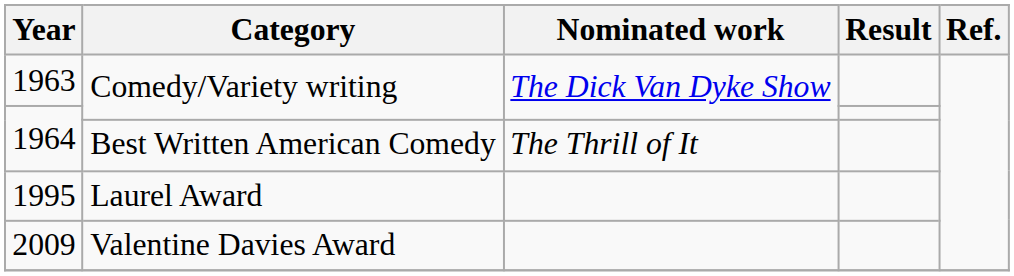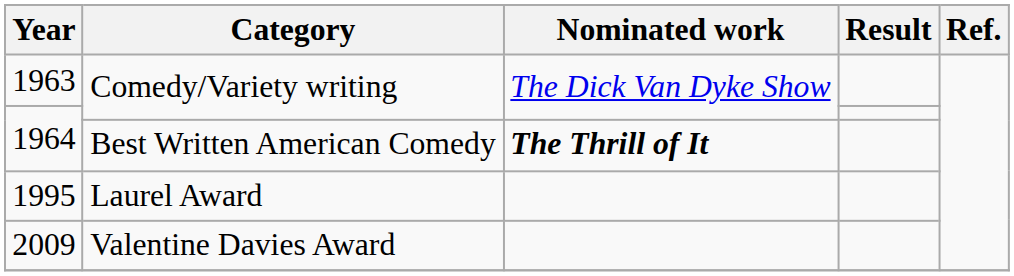 <table class="wikitable">
 <tr>
 <th>Year</th>
 <th>Category</th>
 <th>Nominated work</th>
 <th>Result</th>
 <th>Ref.</th>
 </tr>
 <tr>
 <td>1963</td>
 <td rowspan=2>Comedy/Variety writing</td>
 <td rowspan=2><em><a href='#'>The Dick Van Dyke Show</a></em></td>
 <td></td>
 <td rowspan=5></td>
 </tr>
 <tr>
 <td rowspan=2>1964</td>
 <td></td>
 </tr>
 <tr>
 <td>Best Written American Comedy</td>
-<td><em>The Thrill of It</em></td>
+<td><strong><em>The Thrill of It</em></strong></td>
 <td></td>
 </tr>
 <tr>
 <td>1995</td>
 <td>Laurel Award</td>
 <td></td>
 <td></td>
 </tr>
 <tr>
 <td>2009</td>
 <td>Valentine Davies Award</td>
 <td></td>
 <td></td>
 </tr>
 <tr>
 </tr>
 </table>
